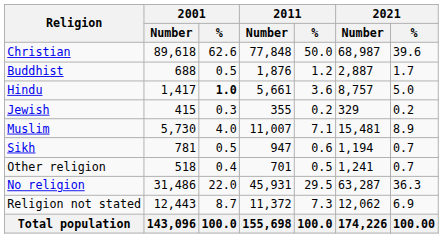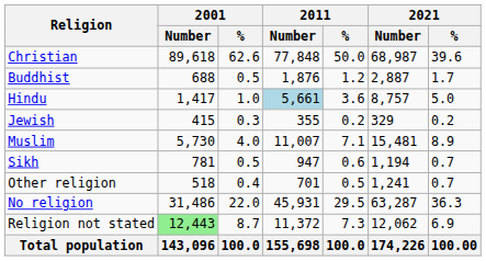 <table class="wikitable sortable mw-collapsible mw-collapsed">
 <tr>
 <th rowspan="2">Religion</th>
 <th colspan="2">2001</th>
 <th colspan="2">2011</th>
 <th colspan="2">2021</th>
 </tr>
 <tr>
 <th>Number</th>
 <th>%</th>
 <th>Number</th>
 <th>%</th>
 <th>Number</th>
 <th>%</th>
 </tr>
 <tr>
 <td> <a href='#'>Christian</a></td>
 <td align="right">89,618</td>
 <td align="right">62.6</td>
 <td align="right">77,848</td>
 <td align="right">50.0</td>
 <td>68,987</td>
 <td>39.6</td>
 </tr>
 <tr>
 <td> <a href='#'>Buddhist</a></td>
 <td align="right">688</td>
 <td align="right">0.5</td>
 <td align="right">1,876</td>
 <td align="right">1.2</td>
 <td>2,887</td>
 <td>1.7</td>
 </tr>
 <tr>
 <td> <a href='#'>Hindu</a></td>
 <td align="right">1,417</td>
-<td align="right"><strong>1.0</strong></td>
-<td align="right">5,661</td>
+<td align="right">1.0</td>
+<td align="right" style="background: lightblue;">5,661</td>
 <td align="right">3.6</td>
 <td>8,757</td>
 <td>5.0</td>
 </tr>
 <tr>
 <td> <a href='#'>Jewish</a></td>
 <td align="right">415</td>
 <td align="right">0.3</td>
 <td align="right">355</td>
 <td align="right">0.2</td>
 <td>329</td>
 <td>0.2</td>
 </tr>
 <tr>
 <td> <a href='#'>Muslim</a></td>
 <td align="right">5,730</td>
 <td align="right">4.0</td>
 <td align="right">11,007</td>
 <td align="right">7.1</td>
 <td>15,481</td>
 <td>8.9</td>
 </tr>
 <tr>
 <td> <a href='#'>Sikh</a></td>
 <td align="right">781</td>
 <td align="right">0.5</td>
 <td align="right">947</td>
 <td align="right">0.6</td>
 <td>1,194</td>
 <td>0.7</td>
 </tr>
 <tr>
 <td>Other religion</td>
 <td align="right">518</td>
 <td align="right">0.4</td>
 <td align="right">701</td>
 <td align="right">0.5</td>
 <td>1,241</td>
 <td>0.7</td>
 </tr>
 <tr>
 <td><a href='#'>No religion</a></td>
 <td align="right">31,486</td>
 <td align="right">22.0</td>
 <td align="right">45,931</td>
 <td align="right">29.5</td>
 <td>63,287</td>
 <td>36.3</td>
 </tr>
 <tr>
 <td>Religion not stated</td>
-<td align="right">12,443</td>
+<td align="right" style="background: lightgreen;">12,443</td>
 <td align="right">8.7</td>
 <td align="right">11,372</td>
 <td align="right">7.3</td>
 <td>12,062</td>
 <td>6.9</td>
 </tr>
 <tr>
 <th>Total population</th>
 <th align="right">143,096</th>
 <th align="right">100.0</th>
 <th align="right">155,698</th>
 <th align="right">100.0</th>
 <th>174,226</th>
 <th>100.00</th>
 </tr>
 </table>
